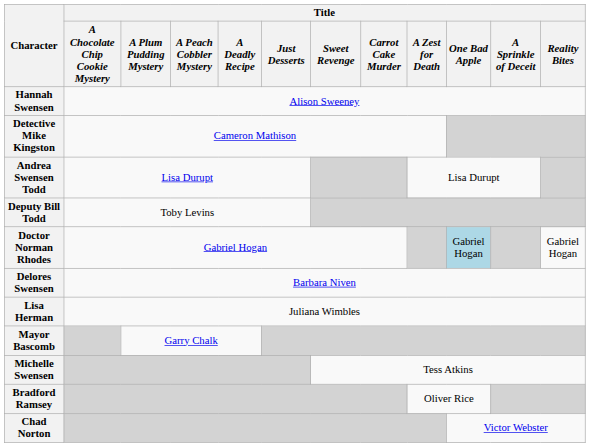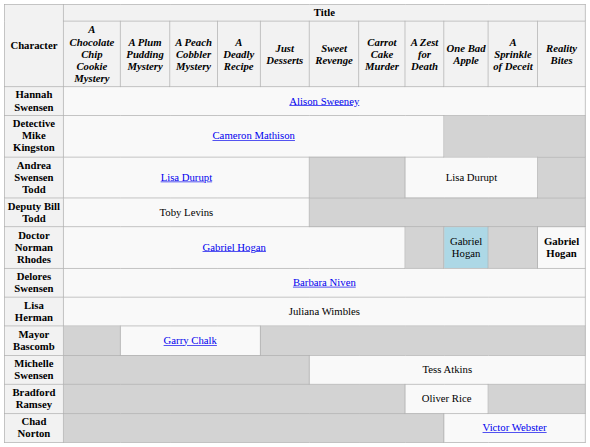 <table class="wikitable" style="text-align:center;">
 <tr>
 <th rowspan="2" style="width:4%;">Character</th>
 <th colspan=11>Title</th>
 </tr>
 <tr>
 <th style="width:4%;"><strong><em>A Chocolate Chip Cookie Mystery</em></strong></th>
 <th style="width:4%;"><em>A Plum Pudding Mystery</em></th>
 <th style="width:4%;"><em>A Peach Cobbler Mystery</em></th>
 <th style="width:4%;"><em>A Deadly Recipe</em></th>
 <th style="width:4%;"><em>Just Desserts</em></th>
 <th style="width:4%;"><em>Sweet Revenge</em></th>
 <th style="width:4%;"><em>Carrot Cake Murder</em></th>
 <th style="width:4%;"><em>A Zest for Death</em></th>
 <th style="width:4%;"><em>One Bad Apple</em></th>
 <th style="width:4%;"><em>A Sprinkle of Deceit</em></th>
 <th style="width:4%;"><em>Reality Bites</em></th>
 </tr>
 <tr>
 <th><strong>Hannah Swensen</strong></th>
 <td colspan="11"><a href='#'>Alison Sweeney</a></td>
 </tr>
 <tr>
 <th>Detective Mike Kingston</th>
 <td colspan="8"><a href='#'>Cameron Mathison</a></td>
 <td style="background:#d3d3d3;" colspan=3></td>
 </tr>
 <tr>
 <th>Andrea Swensen Todd</th>
 <td colspan="5"><a href='#'>Lisa Durupt</a></td>
 <td style="background:#d3d3d3;" colspan=2></td>
 <td colspan="3">Lisa Durupt</td>
 <td style="background:#d3d3d3;" colspan=1></td>
 </tr>
 <tr>
 <th>Deputy Bill Todd</th>
 <td colspan="5">Toby Levins</td>
 <td style="background:#d3d3d3;" colspan=6></td>
 </tr>
 <tr>
 <th>Doctor Norman Rhodes</th>
 <td colspan="7"><a href='#'>Gabriel Hogan</a></td>
 <td style="background:#d3d3d3;" colspan=1></td>
 <td colspan="1" style="background: lightblue;">Gabriel Hogan</td>
 <td style="background:#d3d3d3;" colspan=1></td>
-<td colspan="1">Gabriel Hogan</td>
+<td colspan="1"><strong>Gabriel Hogan</strong></td>
 </tr>
 <tr>
 <th>Delores Swensen</th>
 <td colspan="11"><a href='#'>Barbara Niven</a></td>
 </tr>
 <tr>
 <th>Lisa Herman</th>
 <td colspan="11">Juliana Wimbles</td>
 </tr>
 <tr>
 <th>Mayor Bascomb</th>
 <td style="background:#d3d3d3;" colspan=1></td>
 <td colspan="3"><a href='#'>Garry Chalk</a></td>
 <td style="background:#d3d3d3;" colspan=7></td>
 </tr>
 <tr>
 <th>Michelle Swensen</th>
 <td style="background:#d3d3d3;" colspan=5></td>
 <td colspan="6">Tess Atkins</td>
 </tr>
 <tr>
 <th>Bradford Ramsey</th>
 <td style="background:#d3d3d3;" colspan=7></td>
 <td colspan="2">Oliver Rice</td>
 <td style="background:#d3d3d3;" colspan=2></td>
 </tr>
 <tr>
 <th>Chad Norton</th>
 <td style="background:#d3d3d3;" colspan=8></td>
 <td colspan="3"><a href='#'>Victor Webster</a></td>
 </tr>
 </table>
